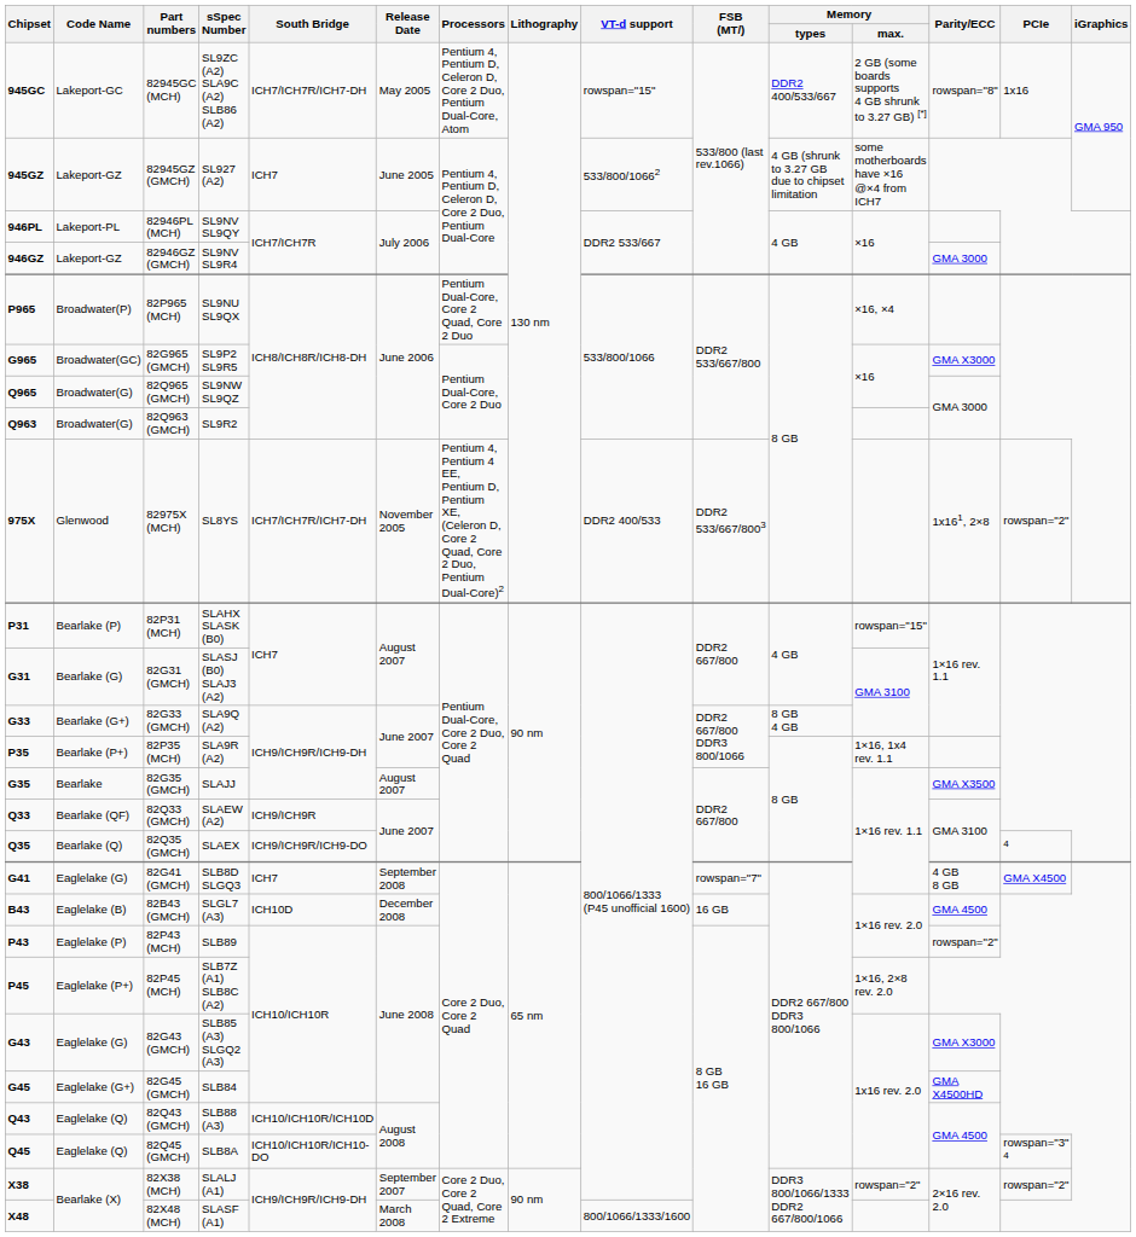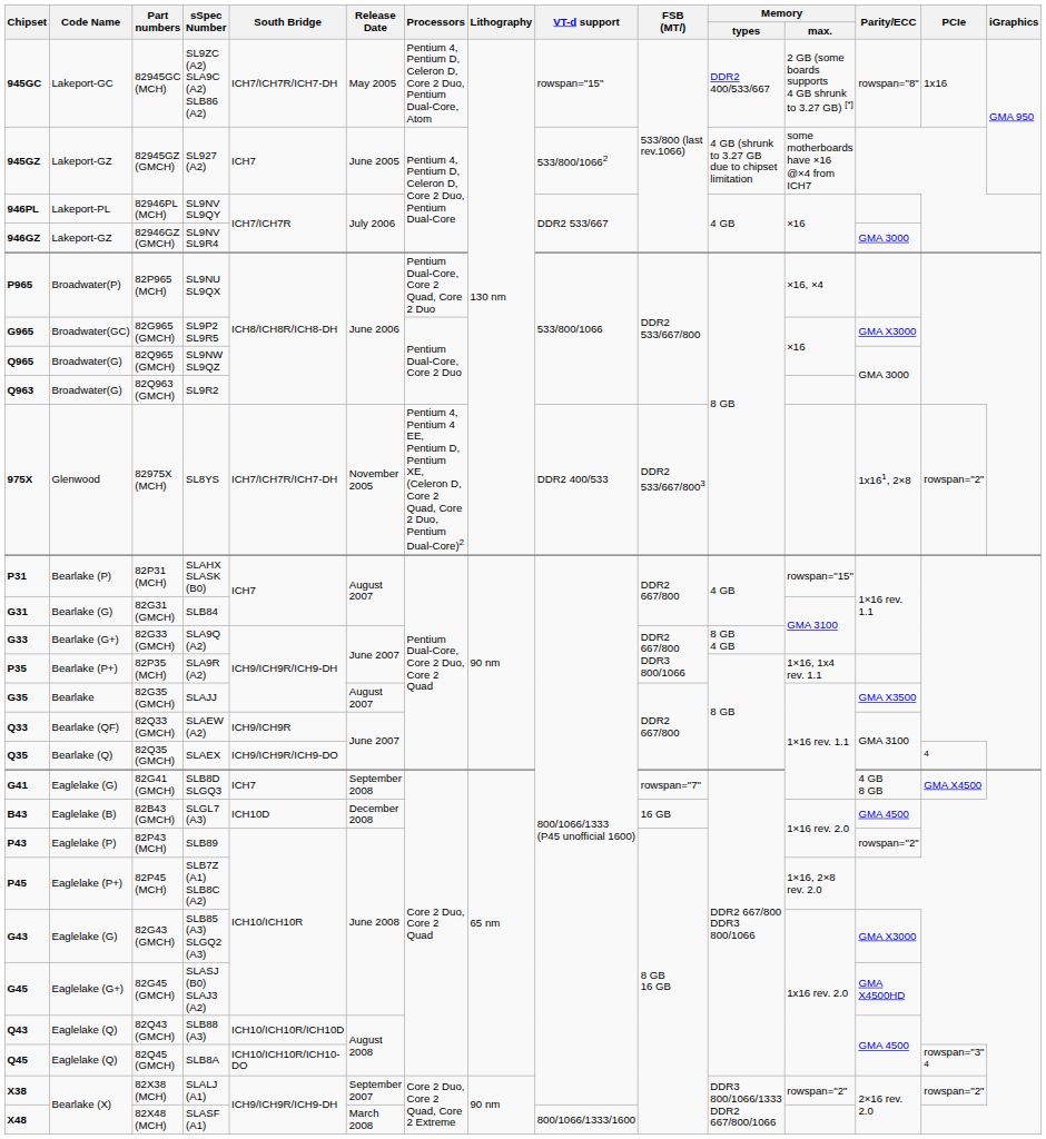 <table class="wikitable" style="font-size: 90%;">
 <tr>
 <th rowspan="2">Chipset</th>
 <th rowspan="2">Code Name</th>
 <th rowspan="2">Part numbers</th>
 <th rowspan="2">sSpec Number</th>
 <th rowspan="2">South Bridge</th>
 <th rowspan="2">Release Date</th>
 <th rowspan="2">Processors</th>
 <th rowspan="2">Lithography</th>
 <th rowspan="2"><a href='#'>VT-d</a> support</th>
 <th rowspan="2">FSB<br>(MT/)</th>
 <th colspan="2">Memory</th>
 <th rowspan="2">Parity/ECC</th>
 <th rowspan="2">PCIe</th>
 <th rowspan="2">iGraphics</th>
 </tr>
 <tr>
 <th>types</th>
 <th>max.</th>
 </tr>
 <tr>
 <td><strong>945GC</strong></td>
 <td>Lakeport-GC</td>
 <td>82945GC (MCH)</td>
 <td>SL9ZC (A2)<br>SLA9C (A2)<br>SLB86 (A2)</td>
 <td>ICH7/ICH7R/ICH7-DH</td>
 <td>May 2005</td>
 <td>Pentium 4, Pentium D, Celeron D, Core 2 Duo, Pentium Dual-Core, Atom</td>
 <td rowspan=9>130 nm</td>
 <td>rowspan="15" </td>
 <td rowspan="4">533/800 (last rev.1066)</td>
 <td><a href='#'>DDR2</a> 400/533/667</td>
 <td>2 GB (some boards supports 4 GB shrunk to 3.27 GB) <sup>[*]</sup></td>
 <td>rowspan="8" </td>
 <td>1x16</td>
 <td rowspan="2"><a href='#'>GMA 950</a></td>
 </tr>
 <tr>
 <td><strong>945GZ</strong></td>
 <td>Lakeport-GZ</td>
 <td>82945GZ (GMCH)</td>
 <td>SL927 (A2)</td>
 <td>ICH7</td>
 <td>June 2005</td>
 <td rowspan="3">Pentium 4, Pentium D, Celeron D, Core 2 Duo, Pentium Dual-Core</td>
 <td>533/800/1066<sup>2</sup></td>
 <td>4 GB (shrunk to 3.27 GB due to chipset limitation</td>
 <td>some motherboards have ×16　@×4 from ICH7</td>
 </tr>
 <tr>
 <td><strong>946PL</strong></td>
 <td>Lakeport-PL</td>
 <td>82946PL (MCH)</td>
 <td>SL9NV<br>SL9QY</td>
 <td rowspan="2">ICH7/ICH7R</td>
 <td rowspan="2">July 2006</td>
 <td rowspan="2">DDR2 533/667</td>
 <td rowspan="2">4 GB</td>
 <td rowspan="2">×16</td>
 <td></td>
 </tr>
 <tr>
 <td><strong>946GZ</strong></td>
 <td>Lakeport-GZ</td>
 <td>82946GZ (GMCH)</td>
 <td>SL9NV<br>SL9R4</td>
 <td><a href='#'>GMA 3000</a></td>
 </tr>
 <tr style="border-top:2px solid gray;">
 <td><strong>P965</strong></td>
 <td>Broadwater(P)</td>
 <td>82P965 (MCH)</td>
 <td>SL9NU<br>SL9QX</td>
 <td rowspan="4">ICH8/ICH8R/ICH8-DH</td>
 <td rowspan="4">June 2006</td>
 <td>Pentium Dual-Core, Core 2 Quad, Core 2 Duo</td>
 <td rowspan="4">533/800/1066</td>
 <td rowspan="4">DDR2 533/667/800</td>
 <td rowspan="5">8 GB</td>
 <td>×16, ×4</td>
 <td></td>
 </tr>
 <tr>
 <td><strong>G965</strong></td>
 <td>Broadwater(GC)</td>
 <td>82G965 (GMCH)</td>
 <td>SL9P2<br>SL9R5</td>
 <td rowspan="3">Pentium Dual-Core, Core 2 Duo</td>
 <td rowspan="2">×16</td>
 <td><a href='#'>GMA X3000</a></td>
 </tr>
 <tr>
 <td><strong>Q965</strong></td>
 <td>Broadwater(G)</td>
 <td>82Q965 (GMCH)</td>
 <td>SL9NW<br>SL9QZ</td>
 <td rowspan="2">GMA 3000</td>
 </tr>
 <tr>
 <td><strong>Q963</strong></td>
 <td>Broadwater(G)</td>
 <td>82Q963 (GMCH)</td>
 <td>SL9R2</td>
 <td></td>
 </tr>
 <tr>
 <td><strong>975X</strong></td>
 <td>Glenwood</td>
 <td>82975X (MCH)</td>
 <td>SL8YS</td>
 <td>ICH7/ICH7R/ICH7-DH</td>
 <td>November 2005</td>
 <td>Pentium 4, Pentium 4 EE, Pentium D, Pentium XE, (Celeron D, Core 2 Quad, Core 2 Duo, Pentium Dual-Core)<sup>2</sup></td>
 <td>DDR2 400/533</td>
 <td>DDR2 533/667/800<sup>3</sup></td>
 <td></td>
 <td>1x16<sup>1</sup>, 2×8</td>
 <td>rowspan="2" </td>
 </tr>
 <tr style="border-top:2px solid gray;">
 <td><strong>P31</strong></td>
 <td>Bearlake (P)</td>
 <td>82P31 (MCH)</td>
 <td>SLAHX<br>SLASK (B0)</td>
 <td rowspan="2">ICH7</td>
 <td rowspan="2">August 2007</td>
 <td rowspan="7">Pentium Dual-Core, Core 2 Duo, Core 2 Quad</td>
 <td rowspan="7">90 nm</td>
 <td rowspan="16">800/1066/1333<br> (P45 unofficial 1600)</td>
 <td rowspan="2">DDR2 667/800</td>
 <td rowspan="2">4 GB</td>
 <td>rowspan="15" </td>
 <td rowspan="3">1×16 rev. 1.1</td>
 </tr>
 <tr>
 <td><strong>G31</strong></td>
 <td>Bearlake (G)</td>
 <td>82G31 (GMCH)</td>
-<td>SLASJ (B0)<br>SLAJ3 (A2)</td>
+<td>SLB84</td>
 <td rowspan="2"><a href='#'>GMA 3100</a></td>
 </tr>
 <tr>
 <td><strong>G33</strong></td>
 <td>Bearlake (G+)</td>
 <td>82G33 (GMCH)</td>
 <td>SLA9Q (A2)</td>
 <td rowspan="3">ICH9/ICH9R/ICH9-DH</td>
 <td rowspan="2">June 2007</td>
 <td rowspan="2">DDR2 667/800<br>DDR3 800/1066</td>
 <td>8 GB<br>4 GB</td>
 </tr>
 <tr>
 <td><strong>P35</strong></td>
 <td>Bearlake (P+)</td>
 <td>82P35 (MCH)</td>
 <td>SLA9R (A2)</td>
 <td rowspan="4">8 GB</td>
 <td>1×16, 1x4 rev. 1.1</td>
 <td></td>
 </tr>
 <tr>
 <td><strong>G35</strong></td>
 <td>Bearlake</td>
 <td>82G35 (GMCH)</td>
 <td>SLAJJ</td>
 <td>August 2007</td>
 <td rowspan="3">DDR2 667/800</td>
 <td rowspan="4">1×16 rev. 1.1</td>
 <td><a href='#'>GMA X3500</a></td>
 </tr>
 <tr>
 <td><strong>Q33</strong></td>
 <td>Bearlake (QF)</td>
 <td>82Q33 (GMCH)</td>
 <td>SLAEW (A2)</td>
 <td>ICH9/ICH9R</td>
 <td rowspan="2">June 2007</td>
 <td rowspan="2">GMA 3100</td>
 </tr>
 <tr>
 <td><strong>Q35</strong></td>
 <td>Bearlake (Q)</td>
 <td>82Q35 (GMCH)</td>
 <td>SLAEX</td>
 <td>ICH9/ICH9R/ICH9-DO</td>
 <td><sup>4</sup></td>
 </tr>
 <tr style="border-top:2px solid gray;">
 <td><strong>G41</strong></td>
 <td>Eaglelake (G)</td>
 <td>82G41 (GMCH)</td>
 <td>SLB8D<br>SLGQ3</td>
 <td>ICH7</td>
 <td>September 2008</td>
 <td rowspan="8">Core 2 Duo, Core 2 Quad</td>
 <td rowspan="8">65 nm</td>
 <td>rowspan="7" </td>
 <td rowspan="8">DDR2 667/800<br>DDR3 800/1066</td>
 <td>4 GB<br>8 GB</td>
 <td><a href='#'>GMA X4500</a></td>
 </tr>
 <tr>
 <td><strong>B43</strong></td>
 <td>Eaglelake (B)</td>
 <td>82B43 (GMCH)</td>
 <td>SLGL7 (A3)</td>
 <td>ICH10D</td>
 <td>December 2008</td>
 <td>16 GB</td>
 <td rowspan="2">1×16 rev. 2.0</td>
 <td><a href='#'>GMA 4500</a></td>
 </tr>
 <tr>
 <td><strong>P43</strong></td>
 <td>Eaglelake (P)</td>
 <td>82P43 (MCH)</td>
 <td>SLB89</td>
 <td rowspan="4">ICH10/ICH10R</td>
 <td rowspan="4">June 2008</td>
 <td rowspan="8">8 GB<br>16 GB</td>
 <td>rowspan="2" </td>
 </tr>
 <tr>
 <td><strong>P45</strong></td>
 <td>Eaglelake (P+)</td>
 <td>82P45 (MCH)</td>
 <td>SLB7Z (A1)<br>SLB8C (A2)</td>
 <td>1×16, 2×8 rev. 2.0</td>
 </tr>
 <tr>
 <td><strong>G43</strong></td>
 <td>Eaglelake (G)</td>
 <td>82G43 (GMCH)</td>
 <td>SLB85 (A3)<br>SLGQ2 (A3)</td>
 <td rowspan="4">1x16 rev. 2.0</td>
 <td><a href='#'>GMA X3000</a></td>
 </tr>
 <tr>
 <td><strong>G45</strong></td>
 <td>Eaglelake (G+)</td>
 <td>82G45 (GMCH)</td>
-<td>SLB84</td>
+<td>SLASJ (B0)<br>SLAJ3 (A2)</td>
 <td><a href='#'>GMA X4500HD</a></td>
 </tr>
 <tr>
 <td><strong>Q43</strong></td>
 <td>Eaglelake (Q)</td>
 <td>82Q43 (GMCH)</td>
 <td>SLB88 (A3)</td>
 <td>ICH10/ICH10R/ICH10D</td>
 <td rowspan="2">August 2008</td>
 <td rowspan="2"><a href='#'>GMA 4500</a></td>
 </tr>
 <tr>
 <td><strong>Q45</strong></td>
 <td>Eaglelake (Q)</td>
 <td>82Q45 (GMCH)</td>
 <td>SLB8A</td>
 <td>ICH10/ICH10R/ICH10-DO</td>
 <td>rowspan="3" <sup>4</sup></td>
 </tr>
 <tr>
 <td><strong>X38</strong></td>
 <td rowspan="2">Bearlake (X)</td>
 <td>82X38 (MCH)</td>
 <td>SLALJ (A1)</td>
 <td rowspan="2">ICH9/ICH9R/ICH9-DH</td>
 <td>September 2007</td>
 <td rowspan="2">Core 2 Duo, Core 2 Quad, Core 2 Extreme</td>
 <td rowspan="2">90 nm</td>
 <td rowspan="2">DDR3 800/1066/1333<br>DDR2 667/800/1066</td>
 <td>rowspan="2" </td>
 <td rowspan="2">2×16 rev. 2.0</td>
 <td>rowspan="2" </td>
 </tr>
 <tr>
 <td><strong>X48</strong></td>
 <td>82X48 (MCH)</td>
 <td>SLASF (A1)</td>
 <td>March 2008</td>
 <td>800/1066/1333/1600</td>
 </tr>
 </table>
